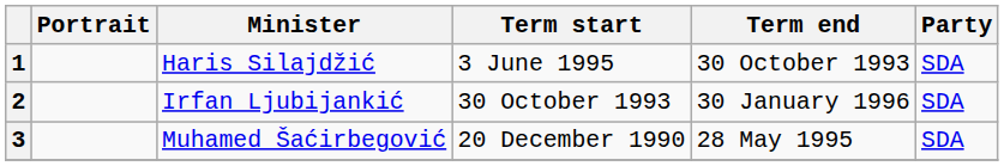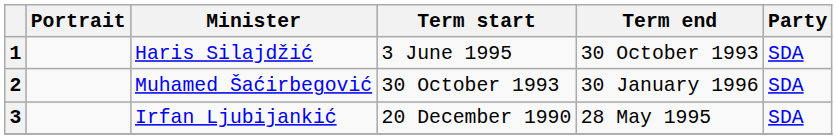 <table class="wikitable" style="text-align: left;">
 <tr>
 <th></th>
 <th>Portrait</th>
 <th>Minister</th>
 <th>Term start</th>
 <th>Term end</th>
 <th>Party</th>
 </tr>
 <tr>
 <th style="background:">1</th>
 <td></td>
 <td><a href='#'>Haris Silajdžić</a></td>
 <td>3 June 1995</td>
 <td>30 October 1993</td>
 <td><a href='#'>SDA</a></td>
 </tr>
 <tr>
 <th style="background:">2</th>
 <td></td>
-<td><a href='#'>Irfan Ljubijankić</a></td>
+<td><a href='#'>Muhamed Šaćirbegović</a></td>
 <td>30 October 1993</td>
 <td>30 January 1996</td>
 <td><a href='#'>SDA</a></td>
 </tr>
 <tr>
 <th style="background:">3</th>
 <td></td>
-<td><a href='#'>Muhamed Šaćirbegović</a></td>
+<td><a href='#'>Irfan Ljubijankić</a></td>
 <td>20 December 1990</td>
 <td>28 May 1995</td>
 <td><a href='#'>SDA</a></td>
 </tr>
 <tr>
 </tr>
 </table>
